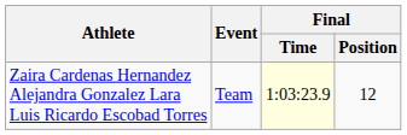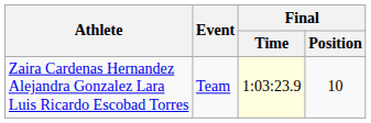 <table class="wikitable" style="font-size:90%;">
 <tr>
 <th rowspan=2>Athlete</th>
 <th rowspan=2>Event</th>
 <th colspan=2>Final</th>
 </tr>
 <tr>
 <th>Time</th>
 <th>Position</th>
 </tr>
 <tr>
 <td><a href='#'>Zaira Cardenas Hernandez</a><br><a href='#'>Alejandra Gonzalez Lara</a><br><a href='#'>Luis Ricardo Escobad Torres</a></td>
 <td><a href='#'>Team</a></td>
 <td align=center style="background: lightyellow;">1:03:23.9</td>
-<td align=center>12</td>
+<td align=center>10</td>
 </tr>
 </table>
